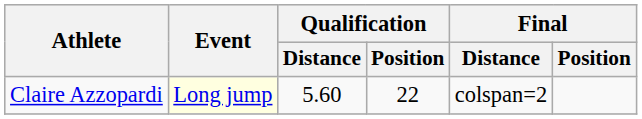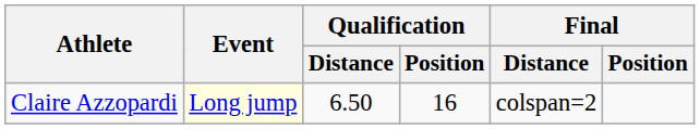 <table class="wikitable" style="font-size:90%">
 <tr>
 <th rowspan="2">Athlete</th>
 <th rowspan="2">Event</th>
 <th colspan="2">Qualification</th>
 <th colspan="2">Final</th>
 </tr>
 <tr style="font-size:95%">
 <th>Distance</th>
 <th>Position</th>
 <th>Distance</th>
 <th>Position</th>
 </tr>
 <tr align="center">
 <td align="left"><a href='#'>Claire Azzopardi</a></td>
 <td align="left" style="background: lightyellow;"><a href='#'>Long jump</a></td>
-<td>5.60</td>
-<td>22</td>
+<td>6.50</td>
+<td>16</td>
 <td>colspan=2 </td>
 </tr>
 </table>
